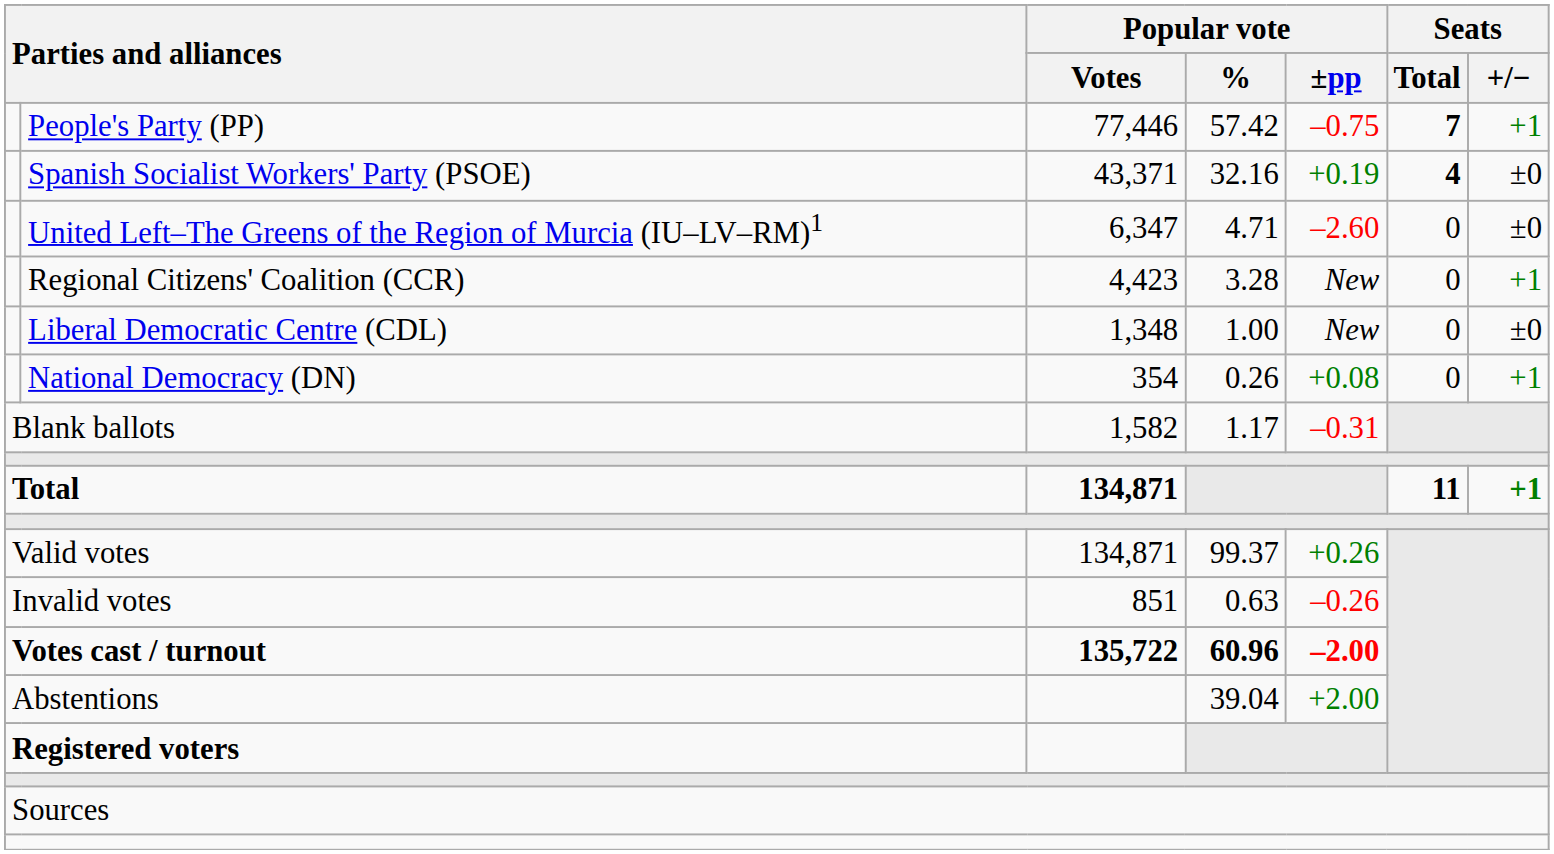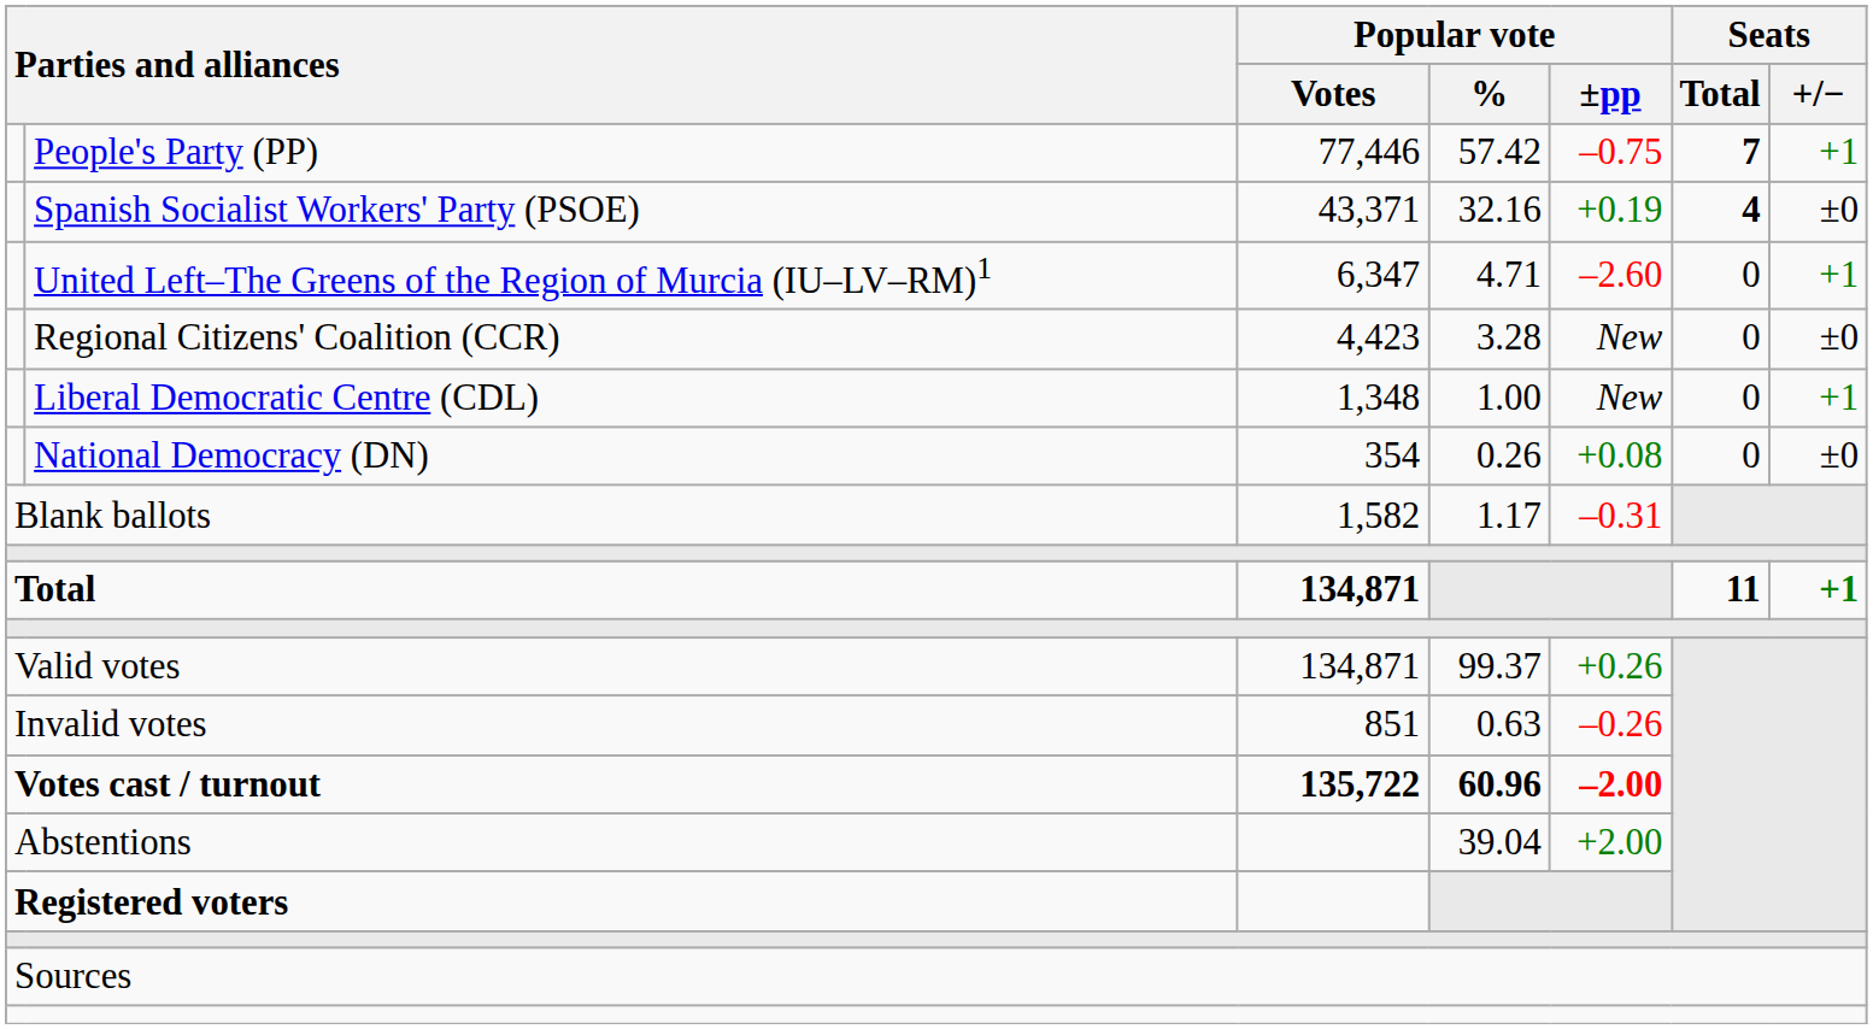 <table class="wikitable" style="text-align:right;">
 <tr>
 <th style="text-align:left;" rowspan="2" colspan="2" width="525">Parties and alliances</th>
 <th colspan="3">Popular vote</th>
 <th colspan="2">Seats</th>
 </tr>
 <tr>
 <th width="75">Votes</th>
 <th width="45">%</th>
 <th width="45">±<a href='#'>pp</a></th>
 <th width="35">Total</th>
 <th width="35">+/−</th>
 </tr>
 <tr>
 <td width="1" style="color:inherit;background:"></td>
 <td align="left"><a href='#'>People's Party</a> (PP)</td>
 <td>77,446</td>
 <td>57.42</td>
 <td style="color:red;">–0.75</td>
 <td><strong>7</strong></td>
 <td style="color:green;">+1</td>
 </tr>
 <tr>
 <td style="color:inherit;background:"></td>
 <td align="left"><a href='#'>Spanish Socialist Workers' Party</a> (PSOE)</td>
 <td>43,371</td>
 <td>32.16</td>
 <td style="color:green;">+0.19</td>
 <td><strong>4</strong></td>
 <td>±0</td>
 </tr>
 <tr>
 <td style="color:inherit;background:"></td>
 <td align="left"><a href='#'>United Left–The Greens of the Region of Murcia</a> (IU–LV–RM)<sup>1</sup></td>
 <td>6,347</td>
 <td>4.71</td>
 <td style="color:red;">–2.60</td>
 <td>0</td>
-<td>±0</td>
+<td style="color:green;">+1</td>
 </tr>
 <tr>
 <td style="color:inherit;background:"></td>
 <td align="left">Regional Citizens' Coalition (CCR)</td>
 <td>4,423</td>
 <td>3.28</td>
 <td><em>New</em></td>
 <td>0</td>
-<td style="color:green;">+1</td>
+<td>±0</td>
 </tr>
 <tr>
 <td style="color:inherit;background:"></td>
 <td align="left"><a href='#'>Liberal Democratic Centre</a> (CDL)</td>
 <td>1,348</td>
 <td>1.00</td>
 <td><em>New</em></td>
 <td>0</td>
-<td>±0</td>
+<td style="color:green;">+1</td>
 </tr>
 <tr>
 <td style="color:inherit;background:"></td>
 <td align="left"><a href='#'>National Democracy</a> (DN)</td>
 <td>354</td>
 <td>0.26</td>
 <td style="color:green;">+0.08</td>
 <td>0</td>
-<td style="color:green;">+1</td>
+<td>±0</td>
 </tr>
 <tr>
 <td align="left" colspan="2">Blank ballots</td>
 <td>1,582</td>
 <td>1.17</td>
 <td style="color:red;">–0.31</td>
 <td bgcolor="#E9E9E9" colspan="2"></td>
 </tr>
 <tr>
 <td colspan="7" bgcolor="#E9E9E9"></td>
 </tr>
 <tr style="font-weight:bold;">
 <td align="left" colspan="2">Total</td>
 <td>134,871</td>
 <td bgcolor="#E9E9E9" colspan="2"></td>
 <td>11</td>
 <td style="color:green;">+1</td>
 </tr>
 <tr>
 <td colspan="7" bgcolor="#E9E9E9"></td>
 </tr>
 <tr>
 <td align="left" colspan="2">Valid votes</td>
 <td>134,871</td>
 <td>99.37</td>
 <td style="color:green;">+0.26</td>
 <td bgcolor="#E9E9E9" colspan="2" rowspan="5"></td>
 </tr>
 <tr>
 <td align="left" colspan="2">Invalid votes</td>
 <td>851</td>
 <td>0.63</td>
 <td style="color:red;">–0.26</td>
 </tr>
 <tr style="font-weight:bold;">
 <td align="left" colspan="2">Votes cast / turnout</td>
 <td>135,722</td>
 <td>60.96</td>
 <td style="color:red;">–2.00</td>
 </tr>
 <tr>
 <td align="left" colspan="2">Abstentions</td>
 <td></td>
 <td>39.04</td>
 <td style="color:green;">+2.00</td>
 </tr>
 <tr style="font-weight:bold;">
 <td align="left" colspan="2">Registered voters</td>
 <td></td>
 <td bgcolor="#E9E9E9" colspan="2"></td>
 </tr>
 <tr>
 <td colspan="7" bgcolor="#E9E9E9"></td>
 </tr>
 <tr>
 <td align="left" colspan="7">Sources</td>
 </tr>
 <tr>
 <td colspan="7" style="text-align:left; max-width:790px;"></td>
 </tr>
 </table>
